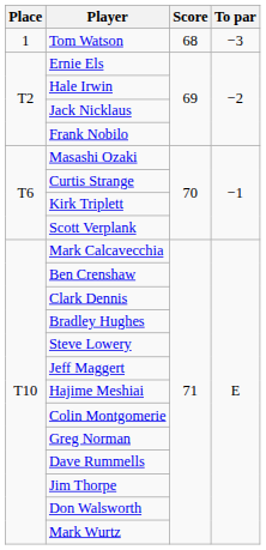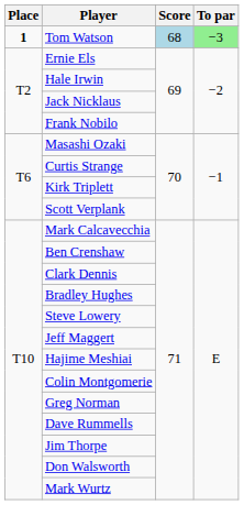 <table class="wikitable">
 <tr>
 <th>Place</th>
 <th>Player</th>
 <th>Score</th>
 <th>To par</th>
 </tr>
 <tr>
-<td align=center>1</td>
+<td align=center><strong>1</strong></td>
 <td> <a href='#'>Tom Watson</a></td>
-<td align=center>68</td>
-<td align=center>−3</td>
+<td align=center style="background: lightblue;">68</td>
+<td align=center style="background: lightgreen;">−3</td>
 </tr>
 <tr>
 <td rowspan="4" align=center>T2</td>
 <td> <a href='#'>Ernie Els</a></td>
 <td rowspan="4" align=center>69</td>
 <td rowspan="4" align=center>−2</td>
 </tr>
 <tr>
 <td> <a href='#'>Hale Irwin</a></td>
 </tr>
 <tr>
 <td> <a href='#'>Jack Nicklaus</a></td>
 </tr>
 <tr>
 <td> <a href='#'>Frank Nobilo</a></td>
 </tr>
 <tr>
 <td rowspan="4" align=center>T6</td>
 <td> <a href='#'>Masashi Ozaki</a></td>
 <td rowspan="4" align=center>70</td>
 <td rowspan="4" align=center>−1</td>
 </tr>
 <tr>
 <td> <a href='#'>Curtis Strange</a></td>
 </tr>
 <tr>
 <td> <a href='#'>Kirk Triplett</a></td>
 </tr>
 <tr>
 <td> <a href='#'>Scott Verplank</a></td>
 </tr>
 <tr>
 <td rowspan="13" align=center>T10</td>
 <td> <a href='#'>Mark Calcavecchia</a></td>
 <td rowspan="13" align=center>71</td>
 <td rowspan="13" align=center>E</td>
 </tr>
 <tr>
 <td> <a href='#'>Ben Crenshaw</a></td>
 </tr>
 <tr>
 <td> <a href='#'>Clark Dennis</a></td>
 </tr>
 <tr>
 <td> <a href='#'>Bradley Hughes</a></td>
 </tr>
 <tr>
 <td> <a href='#'>Steve Lowery</a></td>
 </tr>
 <tr>
 <td> <a href='#'>Jeff Maggert</a></td>
 </tr>
 <tr>
 <td> <a href='#'>Hajime Meshiai</a></td>
 </tr>
 <tr>
 <td> <a href='#'>Colin Montgomerie</a></td>
 </tr>
 <tr>
 <td> <a href='#'>Greg Norman</a></td>
 </tr>
 <tr>
 <td> <a href='#'>Dave Rummells</a></td>
 </tr>
 <tr>
 <td> <a href='#'>Jim Thorpe</a></td>
 </tr>
 <tr>
 <td> <a href='#'>Don Walsworth</a></td>
 </tr>
 <tr>
 <td> <a href='#'>Mark Wurtz</a></td>
 </tr>
 </table>
